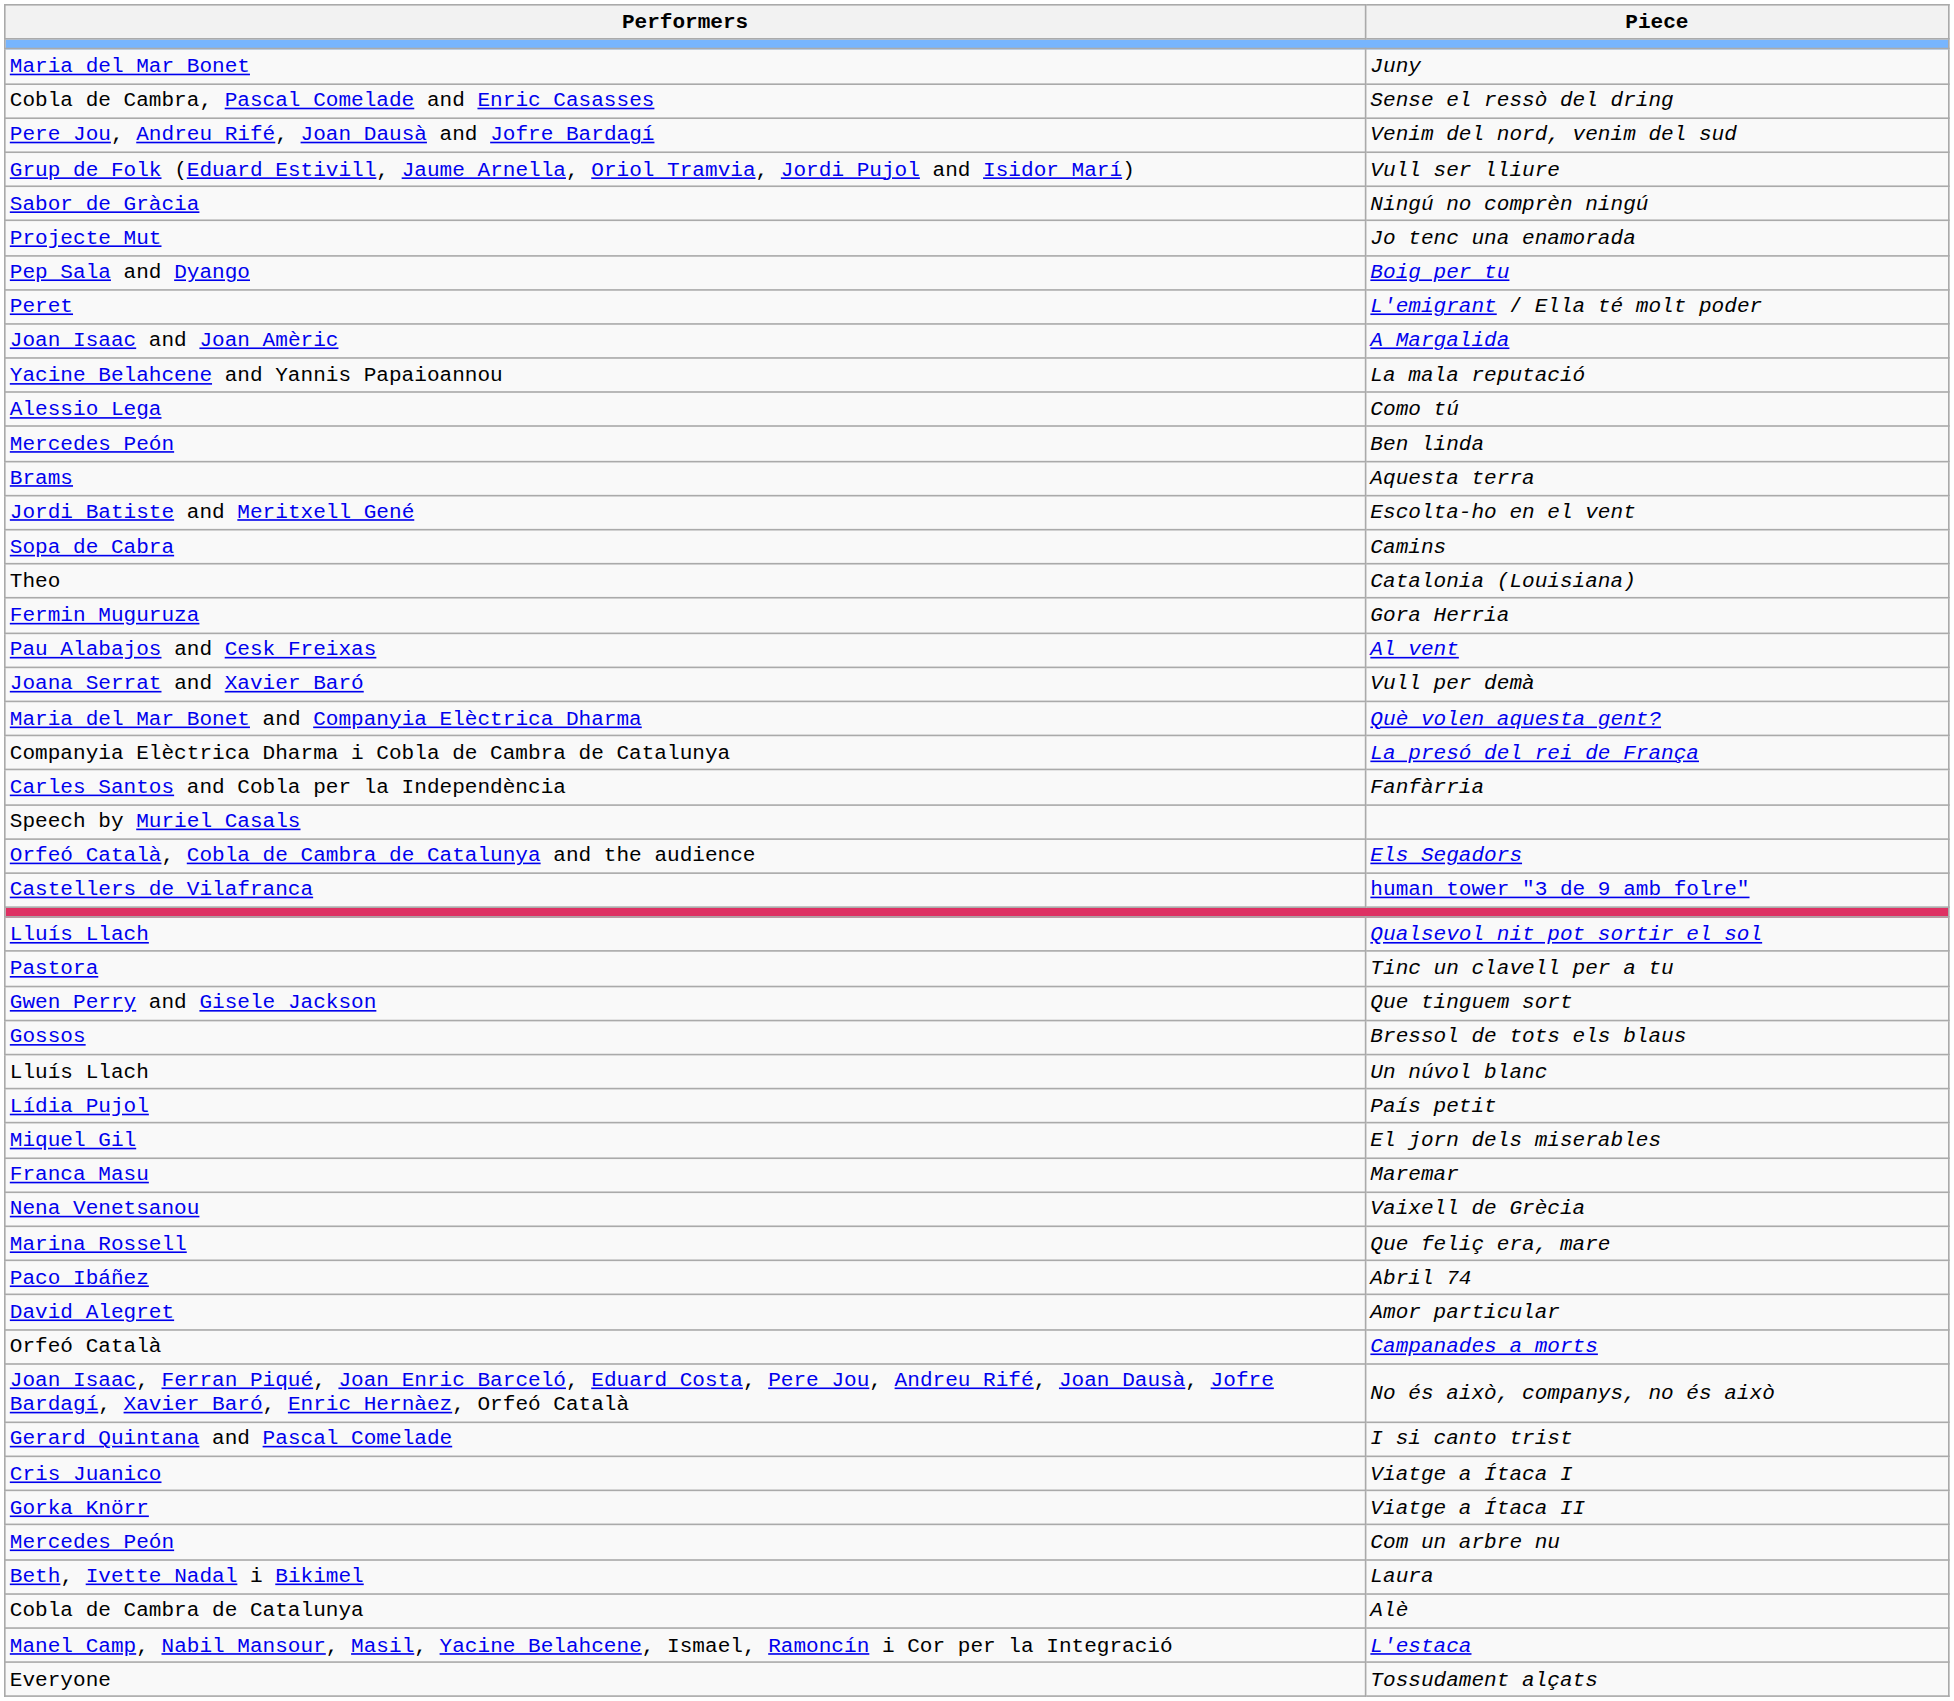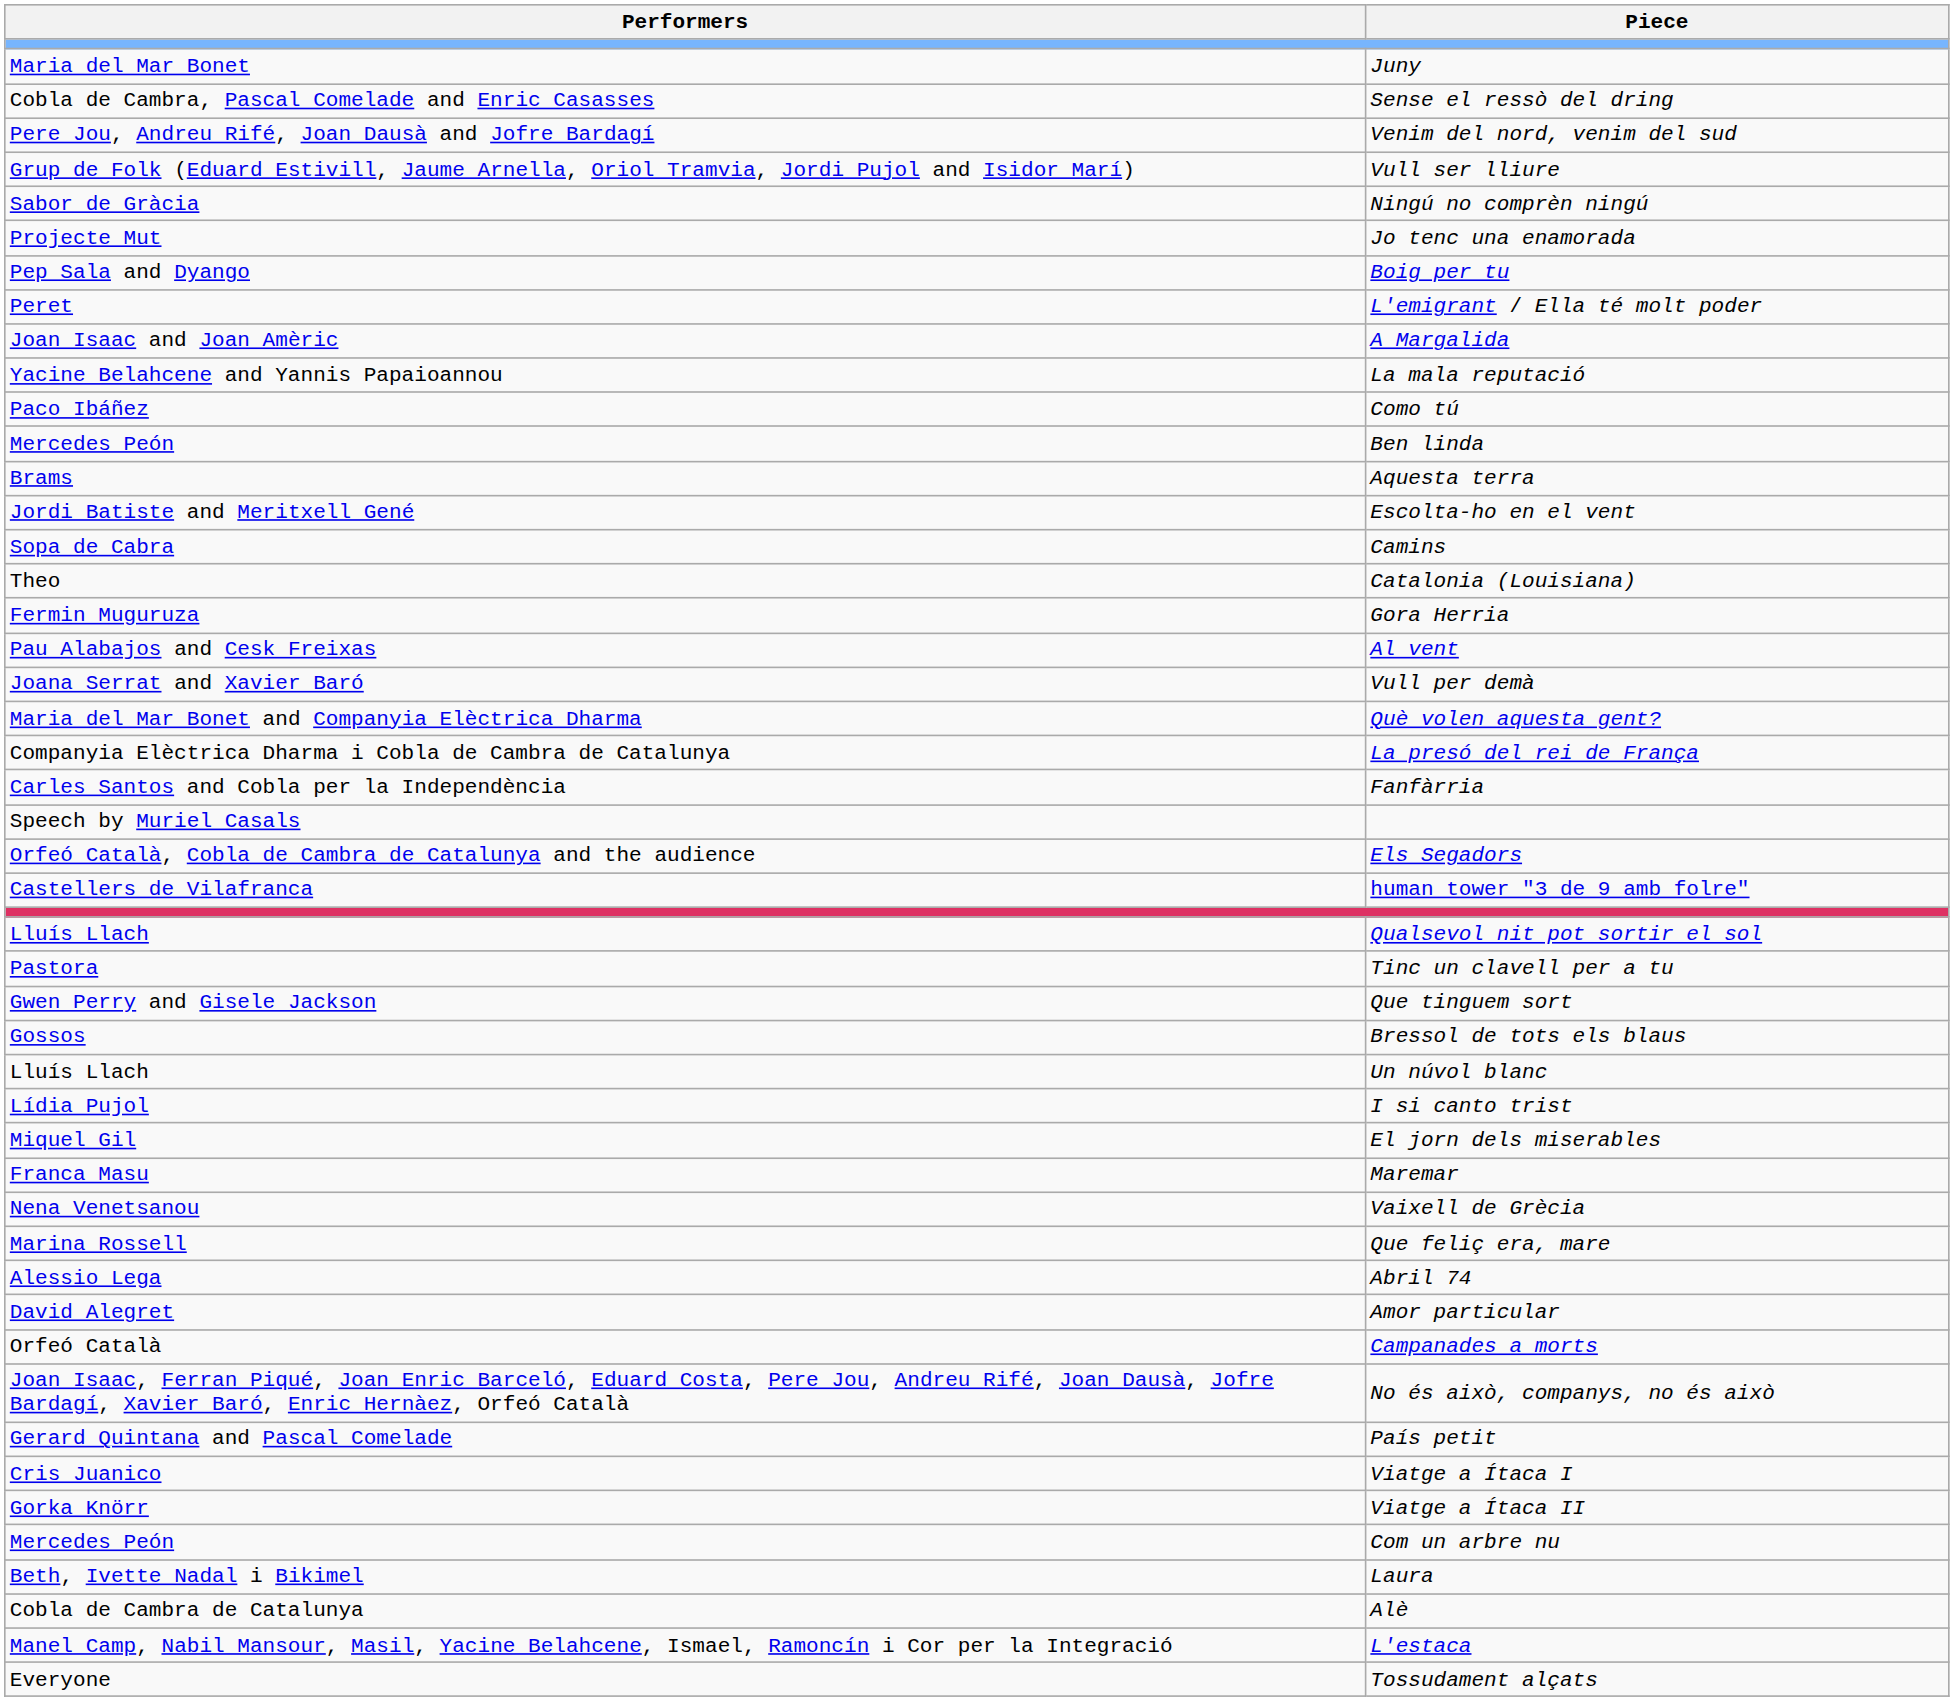 <table class="wikitable" width="95%">
 <tr>
 <th width="70%">Performers</th>
 <th width="30%">Piece</th>
 </tr>
 <tr>
 <td colspan=2 style="background: #77B5FE;"></td>
 </tr>
 <tr>
 <td><a href='#'>Maria del Mar Bonet</a></td>
 <td><em>Juny</em></td>
 </tr>
 <tr>
 <td>Cobla de Cambra, <a href='#'>Pascal Comelade</a> and <a href='#'>Enric Casasses</a></td>
 <td><em>Sense el ressò del dring</em></td>
 </tr>
 <tr>
 <td><a href='#'>Pere Jou</a>, <a href='#'>Andreu Rifé</a>, <a href='#'>Joan Dausà</a> and <a href='#'>Jofre Bardagí</a></td>
 <td><em>Venim del nord, venim del sud</em></td>
 </tr>
 <tr>
 <td><a href='#'>Grup de Folk</a> (<a href='#'>Eduard Estivill</a>, <a href='#'>Jaume Arnella</a>, <a href='#'>Oriol Tramvia</a>, <a href='#'>Jordi Pujol</a> and <a href='#'>Isidor Marí</a>)</td>
 <td><em>Vull ser lliure</em></td>
 </tr>
 <tr>
 <td><a href='#'>Sabor de Gràcia</a></td>
 <td><em>Ningú no comprèn ningú</em></td>
 </tr>
 <tr>
 <td><a href='#'>Projecte Mut</a></td>
 <td><em>Jo tenc una enamorada</em></td>
 </tr>
 <tr>
 <td><a href='#'>Pep Sala</a> and <a href='#'>Dyango</a></td>
 <td><em><a href='#'>Boig per tu</a></em></td>
 </tr>
 <tr>
 <td><a href='#'>Peret</a></td>
 <td><em><a href='#'>L'emigrant</a></em> / <em>Ella té molt poder</em></td>
 </tr>
 <tr>
 <td><a href='#'>Joan Isaac</a> and <a href='#'>Joan Amèric</a></td>
 <td><em><a href='#'>A Margalida</a></em></td>
 </tr>
 <tr>
 <td><a href='#'>Yacine Belahcene</a> and Yannis Papaioannou</td>
 <td><em>La mala reputació</em></td>
 </tr>
 <tr>
-<td><a href='#'>Alessio Lega</a></td>
+<td><a href='#'>Paco Ibáñez</a></td>
 <td><em>Como tú</em></td>
 </tr>
 <tr>
 <td><a href='#'>Mercedes Peón</a></td>
 <td><em>Ben linda</em></td>
 </tr>
 <tr>
 <td><a href='#'>Brams</a></td>
 <td><em>Aquesta terra</em></td>
 </tr>
 <tr>
 <td><a href='#'>Jordi Batiste</a> and <a href='#'>Meritxell Gené</a></td>
 <td><em>Escolta-ho en el vent</em></td>
 </tr>
 <tr>
 <td><a href='#'>Sopa de Cabra</a></td>
 <td><em>Camins</em></td>
 </tr>
 <tr>
 <td>Theo</td>
 <td><em>Catalonia (Louisiana)</em></td>
 </tr>
 <tr>
 <td><a href='#'>Fermin Muguruza</a></td>
 <td><em>Gora Herria</em></td>
 </tr>
 <tr>
 <td><a href='#'>Pau Alabajos</a> and <a href='#'>Cesk Freixas</a></td>
 <td><em><a href='#'>Al vent</a></em></td>
 </tr>
 <tr>
 <td><a href='#'>Joana Serrat</a> and <a href='#'>Xavier Baró</a></td>
 <td><em>Vull per demà</em></td>
 </tr>
 <tr>
 <td><a href='#'>Maria del Mar Bonet</a> and <a href='#'>Companyia Elèctrica Dharma</a></td>
 <td><em><a href='#'>Què volen aquesta gent?</a></em></td>
 </tr>
 <tr>
 <td>Companyia Elèctrica Dharma i Cobla de Cambra de Catalunya</td>
 <td><em><a href='#'>La presó del rei de França</a></em></td>
 </tr>
 <tr>
 <td><a href='#'>Carles Santos</a> and Cobla per la Independència</td>
 <td><em>Fanfàrria</em></td>
 </tr>
 <tr>
 <td>Speech by <a href='#'>Muriel Casals</a></td>
 </tr>
 <tr>
 <td><a href='#'>Orfeó Català</a>, <a href='#'>Cobla de Cambra de Catalunya</a> and the audience</td>
 <td><em><a href='#'>Els Segadors</a></em></td>
 </tr>
 <tr>
 <td><a href='#'>Castellers de Vilafranca</a></td>
 <td><a href='#'>human tower "3 de 9 amb folre"</a></td>
 </tr>
 <tr>
 <td colspan=2 style="background: #DE3163;"></td>
 </tr>
 <tr>
 <td><a href='#'>Lluís Llach</a></td>
 <td><em><a href='#'>Qualsevol nit pot sortir el sol</a></em></td>
 </tr>
 <tr>
 <td><a href='#'>Pastora</a></td>
 <td><em>Tinc un clavell per a tu</em></td>
 </tr>
 <tr>
 <td><a href='#'>Gwen Perry</a> and <a href='#'>Gisele Jackson</a></td>
 <td><em>Que tinguem sort</em></td>
 </tr>
 <tr>
 <td><a href='#'>Gossos</a></td>
 <td><em>Bressol de tots els blaus</em></td>
 </tr>
 <tr>
 <td>Lluís Llach</td>
 <td><em>Un núvol blanc</em></td>
 </tr>
 <tr>
 <td><a href='#'>Lídia Pujol</a></td>
-<td><em>País petit</em></td>
+<td><em>I si canto trist</em></td>
 </tr>
 <tr>
 <td><a href='#'>Miquel Gil</a></td>
 <td><em>El jorn dels miserables</em></td>
 </tr>
 <tr>
 <td><a href='#'>Franca Masu</a></td>
 <td><em>Maremar</em></td>
 </tr>
 <tr>
 <td><a href='#'>Nena Venetsanou</a></td>
 <td><em>Vaixell de Grècia</em></td>
 </tr>
 <tr>
 <td><a href='#'>Marina Rossell</a></td>
 <td><em>Que feliç era, mare</em></td>
 </tr>
 <tr>
-<td><a href='#'>Paco Ibáñez</a></td>
+<td><a href='#'>Alessio Lega</a></td>
 <td><em>Abril 74</em></td>
 </tr>
 <tr>
 <td><a href='#'>David Alegret</a></td>
 <td><em>Amor particular</em></td>
 </tr>
 <tr>
 <td>Orfeó Català</td>
 <td><em><a href='#'>Campanades a morts</a></em></td>
 </tr>
 <tr>
 <td><a href='#'>Joan Isaac</a>, <a href='#'>Ferran Piqué</a>, <a href='#'>Joan Enric Barceló</a>, <a href='#'>Eduard Costa</a>, <a href='#'>Pere Jou</a>, <a href='#'>Andreu Rifé</a>, <a href='#'>Joan Dausà</a>, <a href='#'>Jofre Bardagí</a>, <a href='#'>Xavier Baró</a>, <a href='#'>Enric Hernàez</a>, Orfeó Català</td>
 <td><em>No és això, companys, no és això</em></td>
 </tr>
 <tr>
 <td><a href='#'>Gerard Quintana</a> and <a href='#'>Pascal Comelade</a></td>
-<td><em>I si canto trist</em></td>
+<td><em>País petit</em></td>
 </tr>
 <tr>
 <td><a href='#'>Cris Juanico</a></td>
 <td><em>Viatge a Ítaca I</em></td>
 </tr>
 <tr>
 <td><a href='#'>Gorka Knörr</a></td>
 <td><em>Viatge a Ítaca II</em></td>
 </tr>
 <tr>
 <td><a href='#'>Mercedes Peón</a></td>
 <td><em>Com un arbre nu</em></td>
 </tr>
 <tr>
 <td><a href='#'>Beth</a>, <a href='#'>Ivette Nadal</a> i <a href='#'>Bikimel</a></td>
 <td><em>Laura</em></td>
 </tr>
 <tr>
 <td>Cobla de Cambra de Catalunya</td>
 <td><em>Alè</em></td>
 </tr>
 <tr>
 <td><a href='#'>Manel Camp</a>, <a href='#'>Nabil Mansour</a>, <a href='#'>Masil</a>, <a href='#'>Yacine Belahcene</a>, Ismael, <a href='#'>Ramoncín</a> i Cor per la Integració</td>
 <td><em><a href='#'>L'estaca</a></em></td>
 </tr>
 <tr>
 <td>Everyone</td>
 <td><em>Tossudament alçats</em></td>
 </tr>
 </table>
